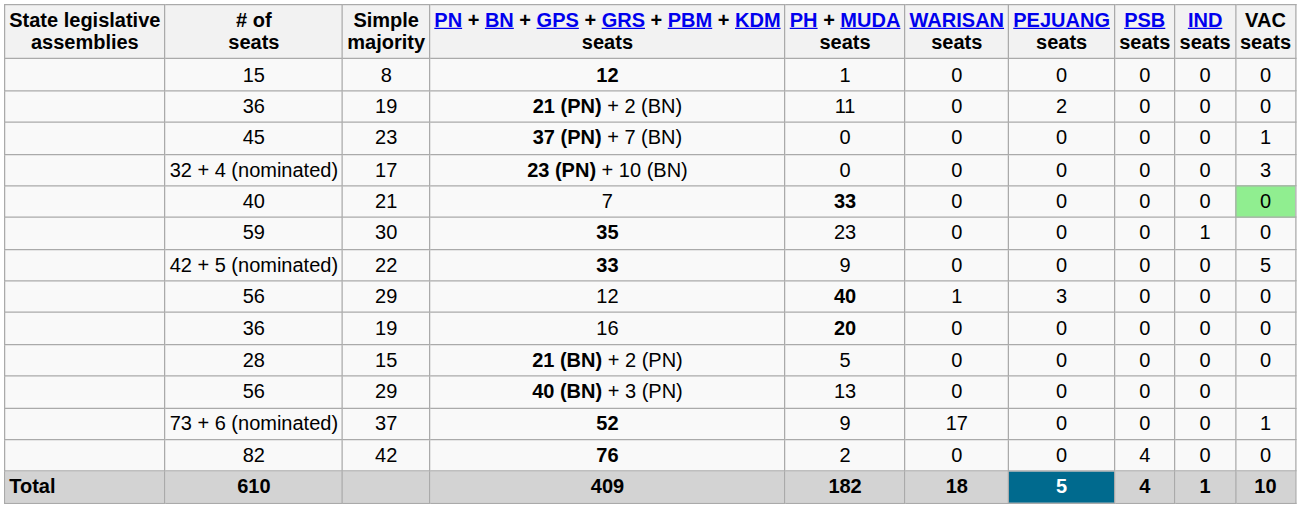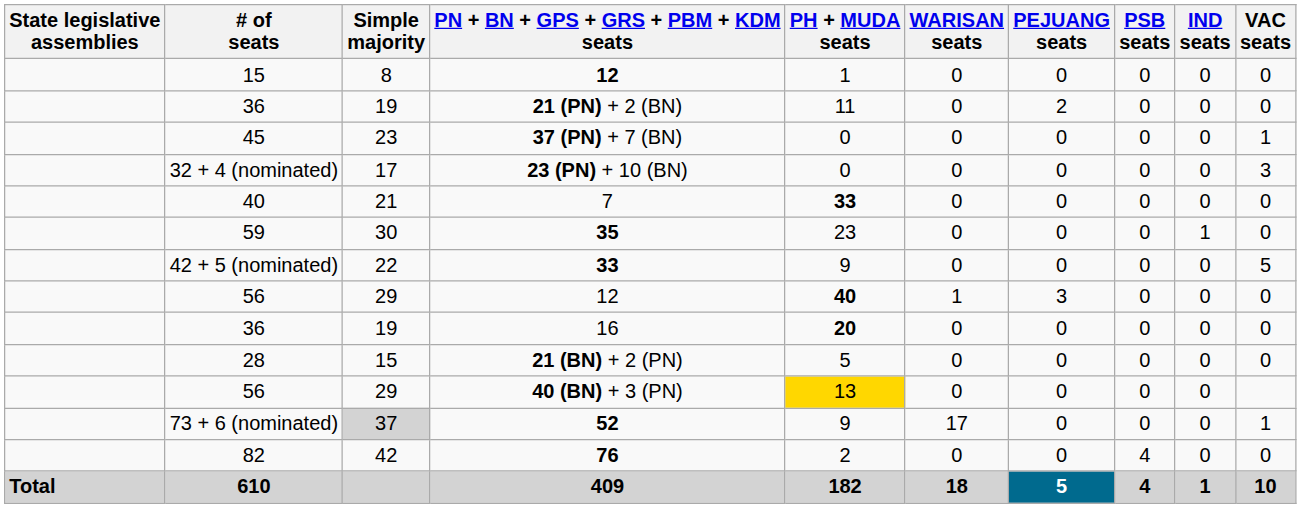 <table class="wikitable sortable" style="text-align:center">
 <tr>
 <th>State legislative<br>assemblies</th>
 <th># of<br>seats</th>
 <th>Simple<br>majority</th>
 <th><a href='#'>PN</a> + <a href='#'>BN</a> + <a href='#'>GPS</a> + <a href='#'>GRS</a> + <a href='#'>PBM</a> + <a href='#'>KDM</a><br>seats</th>
 <th><a href='#'>PH</a> + <a href='#'>MUDA</a><br>seats</th>
 <th><a href='#'>WARISAN</a><br>seats</th>
 <th><a href='#'>PEJUANG</a><br>seats</th>
 <th><a href='#'>PSB</a><br>seats</th>
 <th><a href='#'>IND</a><br>seats</th>
 <th>VAC<br>seats</th>
 </tr>
 <tr>
 <td style="text-align:left"></td>
 <td>15</td>
 <td>8</td>
 <td style="background:"><strong>12</strong></td>
 <td>1</td>
 <td>0</td>
 <td>0</td>
 <td>0</td>
 <td>0</td>
 <td>0</td>
 </tr>
 <tr>
 <td style="text-align:left"></td>
 <td>36</td>
 <td>19</td>
 <td style="background:"><strong>21 (PN)</strong> + 2 (BN)</td>
 <td>11</td>
 <td>0</td>
 <td>2</td>
 <td>0</td>
 <td>0</td>
 <td>0</td>
 </tr>
 <tr>
 <td style="text-align:left"></td>
 <td>45</td>
 <td>23</td>
 <td style="background:"><strong>37 (PN)</strong> + 7 (BN)</td>
 <td>0</td>
 <td>0</td>
 <td>0</td>
 <td>0</td>
 <td>0</td>
 <td>1</td>
 </tr>
 <tr>
 <td style="text-align:left"></td>
 <td>32 + 4 (nominated)</td>
 <td>17</td>
 <td style="background:"><strong>23 (PN)</strong> + 10 (BN)</td>
 <td>0</td>
 <td>0</td>
 <td>0</td>
 <td>0</td>
 <td>0</td>
 <td>3</td>
 </tr>
 <tr>
 <td style="text-align:left"></td>
 <td>40</td>
 <td>21</td>
 <td>7</td>
 <td style="background-color:"><strong>33</strong></td>
 <td>0</td>
 <td>0</td>
 <td>0</td>
 <td>0</td>
-<td style="background: lightgreen;">0</td>
+<td>0</td>
 </tr>
 <tr>
 <td style="text-align:left"></td>
 <td>59</td>
 <td>30</td>
 <td style="background:"><strong>35</strong></td>
 <td>23</td>
 <td>0</td>
 <td>0</td>
 <td>0</td>
 <td>1</td>
 <td>0</td>
 </tr>
 <tr>
 <td style="text-align:left"></td>
 <td>42 + 5 (nominated)</td>
 <td>22</td>
 <td style="background:"><strong>33</strong></td>
 <td>9</td>
 <td>0</td>
 <td>0</td>
 <td>0</td>
 <td>0</td>
 <td>5</td>
 </tr>
 <tr>
 <td style="text-align:left"></td>
 <td>56</td>
 <td>29</td>
 <td>12</td>
 <td style="background:"><strong>40</strong></td>
 <td>1</td>
 <td>3</td>
 <td>0</td>
 <td>0</td>
 <td>0</td>
 </tr>
 <tr>
 <td style="text-align:left"></td>
 <td>36</td>
 <td>19</td>
 <td>16</td>
 <td style="background:"><strong>20</strong></td>
 <td>0</td>
 <td>0</td>
 <td>0</td>
 <td>0</td>
 <td>0</td>
 </tr>
 <tr>
 <td style="text-align:left"></td>
 <td>28</td>
 <td>15</td>
 <td style="background:"><strong>21 (BN)</strong> + 2 (PN)</td>
 <td>5</td>
 <td>0</td>
 <td>0</td>
 <td>0</td>
 <td>0</td>
 <td>0</td>
 </tr>
 <tr>
 <td style="text-align:left"></td>
 <td>56</td>
 <td>29</td>
 <td style="background:"><strong>40 (BN)</strong> + 3 (PN)</td>
-<td>13</td>
+<td style="background: gold;">13</td>
 <td>0</td>
 <td>0</td>
 <td>0</td>
 <td>0</td>
 </tr>
 <tr>
 <td style="text-align:left"></td>
 <td>73 + 6 (nominated)</td>
-<td>37</td>
+<td style="background: lightgrey;">37</td>
 <td style="background:"><strong>52</strong></td>
 <td>9</td>
 <td>17</td>
 <td>0</td>
 <td>0</td>
 <td>0</td>
 <td>1</td>
 </tr>
 <tr>
 <td style="text-align:left"></td>
 <td>82</td>
 <td>42</td>
 <td style="background:"><strong>76</strong></td>
 <td>2</td>
 <td>0</td>
 <td>0</td>
 <td>4</td>
 <td>0</td>
 <td>0</td>
 </tr>
 <tr class="sortbottom" style="background:lightgrey">
 <td style="text-align:left"><strong>Total</strong></td>
 <td><strong>610</strong></td>
 <td></td>
 <td style="background:"><strong>409</strong></td>
 <td style="background-color:"><strong>182</strong></td>
 <td style="background:"><strong>18</strong></td>
 <td style="background:#006A8E; color:white"><strong>5</strong></td>
 <td style="background:"><strong>4</strong></td>
 <td style="background:"><strong>1</strong></td>
 <td><strong>10</strong></td>
 </tr>
 </table>
